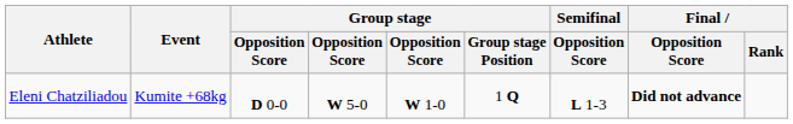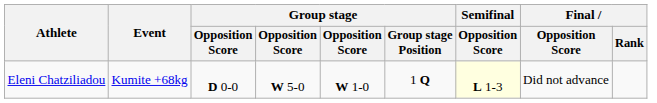 <table class="wikitable" style="text-align:center; font-size:90%">
 <tr>
 <th rowspan=2>Athlete</th>
 <th rowspan=2>Event</th>
 <th colspan=4>Group stage</th>
 <th>Semifinal</th>
 <th colspan=2>Final / </th>
 </tr>
 <tr style="font-size:95%">
 <th>Opposition<br>Score</th>
 <th>Opposition<br>Score</th>
 <th>Opposition<br>Score</th>
 <th>Group stage<br>Position</th>
 <th>Opposition<br>Score</th>
 <th>Opposition<br>Score</th>
 <th>Rank</th>
 </tr>
 <tr>
 <td align=left><a href='#'>Eleni Chatziliadou</a></td>
 <td align=left><a href='#'>Kumite +68kg</a></td>
 <td><br><strong>D</strong> 0-0</td>
 <td><br><strong>W</strong> 5-0</td>
 <td><br><strong>W</strong> 1-0</td>
 <td>1 <strong>Q</strong></td>
-<td><br><strong>L</strong> 1-3</td>
-<td><strong>Did not advance</strong></td>
+<td style="background: lightyellow;"><br><strong>L</strong> 1-3</td>
+<td>Did not advance</td>
 <td></td>
 </tr>
 </table>
